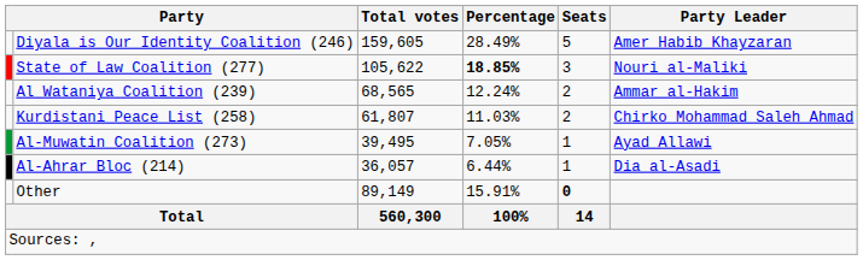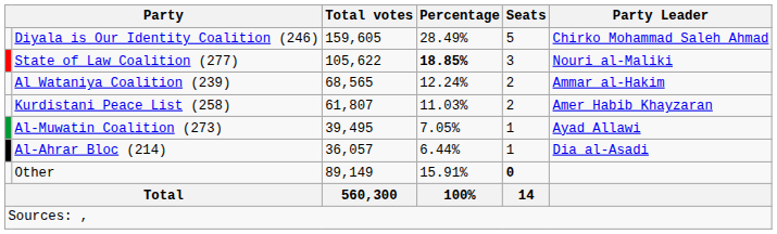 <table class="wikitable sortable" style="border:1px solid #8888aa; background-color:#f8f8f8; padding:0px; font-size:90%;">
 <tr style="background-color:#E9E9E9">
 <th colspan=2>Party</th>
 <th>Total votes</th>
 <th>Percentage</th>
 <th>Seats</th>
 <th>Party Leader</th>
 </tr>
 <tr>
 <td></td>
 <td><a href='#'>Diyala is Our Identity Coalition</a> (246)</td>
 <td>159,605</td>
 <td>28.49%</td>
 <td>5</td>
-<td><a href='#'>Amer Habib Khayzaran</a></td>
+<td><a href='#'>Chirko Mohammad Saleh Ahmad</a></td>
 </tr>
 <tr>
 <td bgcolor="#FF0000"></td>
 <td><a href='#'>State of Law Coalition</a> (277)</td>
 <td>105,622</td>
 <td><strong>18.85%</strong></td>
 <td>3</td>
 <td><a href='#'>Nouri al-Maliki</a></td>
 </tr>
 <tr>
 <td></td>
 <td><a href='#'>Al Wataniya Coalition</a> (239)</td>
 <td>68,565</td>
 <td>12.24%</td>
 <td>2</td>
 <td><a href='#'>Ammar al-Hakim</a></td>
 </tr>
 <tr>
 <td></td>
 <td><a href='#'>Kurdistani Peace List</a> (258)</td>
 <td>61,807</td>
 <td>11.03%</td>
 <td>2</td>
-<td><a href='#'>Chirko Mohammad Saleh Ahmad</a></td>
+<td><a href='#'>Amer Habib Khayzaran</a></td>
 </tr>
 <tr>
 <td bgcolor="#009933"></td>
 <td><a href='#'>Al-Muwatin Coalition</a> (273)</td>
 <td>39,495</td>
 <td>7.05%</td>
 <td>1</td>
 <td><a href='#'>Ayad Allawi</a></td>
 </tr>
 <tr>
 <td bgcolor="#000000"></td>
 <td><a href='#'>Al-Ahrar Bloc</a> (214)</td>
 <td>36,057</td>
 <td>6.44%</td>
 <td>1</td>
 <td><a href='#'>Dia al-Asadi</a></td>
 </tr>
 <tr>
 <td></td>
 <td>Other</td>
 <td>89,149</td>
 <td>15.91%</td>
 <td><strong>0</strong></td>
 <td></td>
 </tr>
 <tr>
 <th colspan=2><strong>Total</strong></th>
 <th><strong>560,300</strong></th>
 <th><strong>100%</strong></th>
 <th><strong>14</strong></th>
 <th></th>
 </tr>
 <tr>
 <td colspan=7 align=left>Sources: ,  </td>
 </tr>
 </table>
